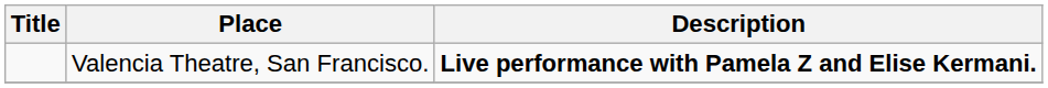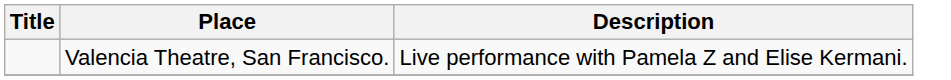 <table class="wikitable">
 <tr>
 <th>Title</th>
 <th>Place</th>
 <th>Description</th>
 </tr>
 <tr>
 <td></td>
 <td>Valencia Theatre, San Francisco.</td>
-<td><strong>Live performance with Pamela Z and Elise Kermani.</strong></td>
+<td>Live performance with Pamela Z and Elise Kermani.</td>
 </tr>
 <tr>
 </tr>
 </table>
